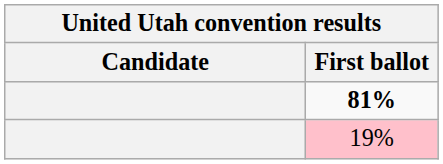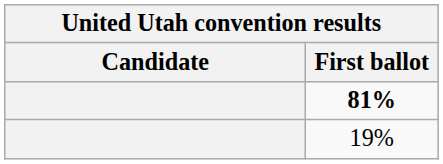 <table class="wikitable sortable plainrowheaders">
 <tr>
 <th colspan="3" ><span>United Utah convention results</span></th>
 </tr>
 <tr style="background:#eee; text-align:center;">
 <th scope="col" style="width: 12em">Candidate</th>
 <th scope="col"  style="width: 5em">First ballot</th>
 </tr>
 <tr>
 <th scope="row"><strong></strong></th>
 <td style="text-align:center;"><strong>81%</strong></td>
 </tr>
 <tr>
 <th scope="row"></th>
-<td style="background: pink; text-align:center;">19%</td>
+<td style="text-align:center;">19%</td>
 </tr>
 </table>
